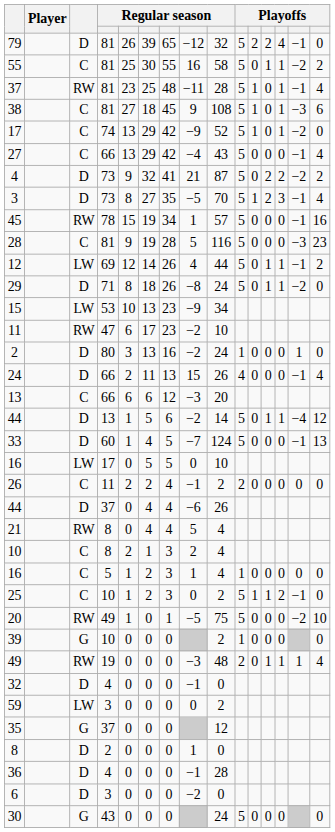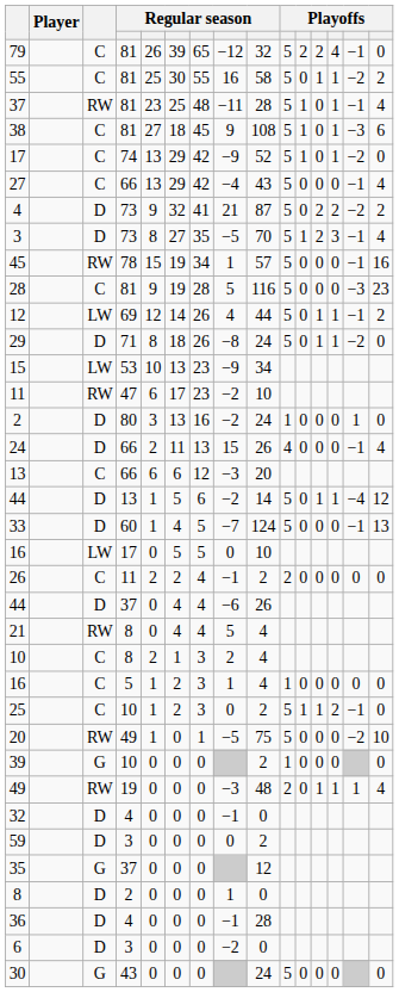 <table class="wikitable sortable plainrowheaders" style="text-align:center;">
 <tr>
 <th scope="col" data-sort-type="number" rowspan="2"></th>
 <th scope="col" rowspan="2">Player</th>
 <th scope="col" rowspan="2"></th>
 <th scope=colgroup colspan=6>Regular season</th>
 <th scope=colgroup colspan=6>Playoffs</th>
 </tr>
 <tr>
 <th scope="col" data-sort-type="number"></th>
 <th scope="col" data-sort-type="number"></th>
 <th scope="col" data-sort-type="number"></th>
 <th scope="col" data-sort-type="number"></th>
 <th scope="col" data-sort-type="number"></th>
 <th scope="col" data-sort-type="number"></th>
 <th scope="col" data-sort-type="number"></th>
 <th scope="col" data-sort-type="number"></th>
 <th scope="col" data-sort-type="number"></th>
 <th scope="col" data-sort-type="number"></th>
 <th scope="col" data-sort-type="number"></th>
 <th scope="col" data-sort-type="number"></th>
 </tr>
 <tr>
 <td scope="row">79</td>
 <td align="left"></td>
-<td>D</td>
+<td>C</td>
 <td>81</td>
 <td>26</td>
 <td>39</td>
 <td>65</td>
 <td>−12</td>
 <td>32</td>
 <td>5</td>
 <td>2</td>
 <td>2</td>
 <td>4</td>
 <td>−1</td>
 <td>0</td>
 </tr>
 <tr>
 <td scope="row">55</td>
 <td align="left"></td>
 <td>C</td>
 <td>81</td>
 <td>25</td>
 <td>30</td>
 <td>55</td>
 <td>16</td>
 <td>58</td>
 <td>5</td>
 <td>0</td>
 <td>1</td>
 <td>1</td>
 <td>−2</td>
 <td>2</td>
 </tr>
 <tr>
 <td scope="row">37</td>
 <td align="left"></td>
 <td>RW</td>
 <td>81</td>
 <td>23</td>
 <td>25</td>
 <td>48</td>
 <td>−11</td>
 <td>28</td>
 <td>5</td>
 <td>1</td>
 <td>0</td>
 <td>1</td>
 <td>−1</td>
 <td>4</td>
 </tr>
 <tr>
 <td scope="row">38</td>
 <td align="left"></td>
 <td>C</td>
 <td>81</td>
 <td>27</td>
 <td>18</td>
 <td>45</td>
 <td>9</td>
 <td>108</td>
 <td>5</td>
 <td>1</td>
 <td>0</td>
 <td>1</td>
 <td>−3</td>
 <td>6</td>
 </tr>
 <tr>
 <td scope="row">17</td>
 <td align="left"></td>
 <td>C</td>
 <td>74</td>
 <td>13</td>
 <td>29</td>
 <td>42</td>
 <td>−9</td>
 <td>52</td>
 <td>5</td>
 <td>1</td>
 <td>0</td>
 <td>1</td>
 <td>−2</td>
 <td>0</td>
 </tr>
 <tr>
 <td scope="row">27</td>
 <td align="left"></td>
 <td>C</td>
 <td>66</td>
 <td>13</td>
 <td>29</td>
 <td>42</td>
 <td>−4</td>
 <td>43</td>
 <td>5</td>
 <td>0</td>
 <td>0</td>
 <td>0</td>
 <td>−1</td>
 <td>4</td>
 </tr>
 <tr>
 <td scope="row">4</td>
 <td align="left"></td>
 <td>D</td>
 <td>73</td>
 <td>9</td>
 <td>32</td>
 <td>41</td>
 <td>21</td>
 <td>87</td>
 <td>5</td>
 <td>0</td>
 <td>2</td>
 <td>2</td>
 <td>−2</td>
 <td>2</td>
 </tr>
 <tr>
 <td scope="row">3</td>
 <td align="left"></td>
 <td>D</td>
 <td>73</td>
 <td>8</td>
 <td>27</td>
 <td>35</td>
 <td>−5</td>
 <td>70</td>
 <td>5</td>
 <td>1</td>
 <td>2</td>
 <td>3</td>
 <td>−1</td>
 <td>4</td>
 </tr>
 <tr>
 <td scope="row">45</td>
 <td align="left"></td>
 <td>RW</td>
 <td>78</td>
 <td>15</td>
 <td>19</td>
 <td>34</td>
 <td>1</td>
 <td>57</td>
 <td>5</td>
 <td>0</td>
 <td>0</td>
 <td>0</td>
 <td>−1</td>
 <td>16</td>
 </tr>
 <tr>
 <td scope="row">28</td>
 <td align="left"></td>
 <td>C</td>
 <td>81</td>
 <td>9</td>
 <td>19</td>
 <td>28</td>
 <td>5</td>
 <td>116</td>
 <td>5</td>
 <td>0</td>
 <td>0</td>
 <td>0</td>
 <td>−3</td>
 <td>23</td>
 </tr>
 <tr>
 <td scope="row">12</td>
 <td align="left"></td>
 <td>LW</td>
 <td>69</td>
 <td>12</td>
 <td>14</td>
 <td>26</td>
 <td>4</td>
 <td>44</td>
 <td>5</td>
 <td>0</td>
 <td>1</td>
 <td>1</td>
 <td>−1</td>
 <td>2</td>
 </tr>
 <tr>
 <td scope="row">29</td>
 <td align="left"></td>
 <td>D</td>
 <td>71</td>
 <td>8</td>
 <td>18</td>
 <td>26</td>
 <td>−8</td>
 <td>24</td>
 <td>5</td>
 <td>0</td>
 <td>1</td>
 <td>1</td>
 <td>−2</td>
 <td>0</td>
 </tr>
 <tr>
 <td scope="row">15</td>
 <td align="left"></td>
 <td>LW</td>
 <td>53</td>
 <td>10</td>
 <td>13</td>
 <td>23</td>
 <td>−9</td>
 <td>34</td>
 <td></td>
 <td></td>
 <td></td>
 <td></td>
 <td></td>
 <td></td>
 </tr>
 <tr>
 <td scope="row">11</td>
 <td align="left"></td>
 <td>RW</td>
 <td>47</td>
 <td>6</td>
 <td>17</td>
 <td>23</td>
 <td>−2</td>
 <td>10</td>
 <td></td>
 <td></td>
 <td></td>
 <td></td>
 <td></td>
 <td></td>
 </tr>
 <tr>
 <td scope="row">2</td>
 <td align="left"></td>
 <td>D</td>
 <td>80</td>
 <td>3</td>
 <td>13</td>
 <td>16</td>
 <td>−2</td>
 <td>24</td>
 <td>1</td>
 <td>0</td>
 <td>0</td>
 <td>0</td>
 <td>1</td>
 <td>0</td>
 </tr>
 <tr>
 <td scope="row">24</td>
 <td align="left"></td>
 <td>D</td>
 <td>66</td>
 <td>2</td>
 <td>11</td>
 <td>13</td>
 <td>15</td>
 <td>26</td>
 <td>4</td>
 <td>0</td>
 <td>0</td>
 <td>0</td>
 <td>−1</td>
 <td>4</td>
 </tr>
 <tr>
 <td scope="row">13</td>
 <td align="left"></td>
 <td>C</td>
 <td>66</td>
 <td>6</td>
 <td>6</td>
 <td>12</td>
 <td>−3</td>
 <td>20</td>
 <td></td>
 <td></td>
 <td></td>
 <td></td>
 <td></td>
 <td></td>
 </tr>
 <tr>
 <td scope="row">44</td>
 <td align="left"></td>
 <td>D</td>
 <td>13</td>
 <td>1</td>
 <td>5</td>
 <td>6</td>
 <td>−2</td>
 <td>14</td>
 <td>5</td>
 <td>0</td>
 <td>1</td>
 <td>1</td>
 <td>−4</td>
 <td>12</td>
 </tr>
 <tr>
 <td scope="row">33</td>
 <td align="left"></td>
 <td>D</td>
 <td>60</td>
 <td>1</td>
 <td>4</td>
 <td>5</td>
 <td>−7</td>
 <td>124</td>
 <td>5</td>
 <td>0</td>
 <td>0</td>
 <td>0</td>
 <td>−1</td>
 <td>13</td>
 </tr>
 <tr>
 <td scope="row">16</td>
 <td align="left"></td>
 <td>LW</td>
 <td>17</td>
 <td>0</td>
 <td>5</td>
 <td>5</td>
 <td>0</td>
 <td>10</td>
 <td></td>
 <td></td>
 <td></td>
 <td></td>
 <td></td>
 <td></td>
 </tr>
 <tr>
 <td scope="row">26</td>
 <td align="left"></td>
 <td>C</td>
 <td>11</td>
 <td>2</td>
 <td>2</td>
 <td>4</td>
 <td>−1</td>
 <td>2</td>
 <td>2</td>
 <td>0</td>
 <td>0</td>
 <td>0</td>
 <td>0</td>
 <td>0</td>
 </tr>
 <tr>
 <td scope="row">44</td>
 <td align="left"></td>
 <td>D</td>
 <td>37</td>
 <td>0</td>
 <td>4</td>
 <td>4</td>
 <td>−6</td>
 <td>26</td>
 <td></td>
 <td></td>
 <td></td>
 <td></td>
 <td></td>
 <td></td>
 </tr>
 <tr>
 <td scope="row">21</td>
 <td align="left"></td>
 <td>RW</td>
 <td>8</td>
 <td>0</td>
 <td>4</td>
 <td>4</td>
 <td>5</td>
 <td>4</td>
 <td></td>
 <td></td>
 <td></td>
 <td></td>
 <td></td>
 <td></td>
 </tr>
 <tr>
 <td scope="row">10</td>
 <td align="left"></td>
 <td>C</td>
 <td>8</td>
 <td>2</td>
 <td>1</td>
 <td>3</td>
 <td>2</td>
 <td>4</td>
 <td></td>
 <td></td>
 <td></td>
 <td></td>
 <td></td>
 <td></td>
 </tr>
 <tr>
 <td scope="row">16</td>
 <td align="left"></td>
 <td>C</td>
 <td>5</td>
 <td>1</td>
 <td>2</td>
 <td>3</td>
 <td>1</td>
 <td>4</td>
 <td>1</td>
 <td>0</td>
 <td>0</td>
 <td>0</td>
 <td>0</td>
 <td>0</td>
 </tr>
 <tr>
 <td scope="row">25</td>
 <td align="left"></td>
 <td>C</td>
 <td>10</td>
 <td>1</td>
 <td>2</td>
 <td>3</td>
 <td>0</td>
 <td>2</td>
 <td>5</td>
 <td>1</td>
 <td>1</td>
 <td>2</td>
 <td>−1</td>
 <td>0</td>
 </tr>
 <tr>
 <td scope="row">20</td>
 <td align="left"></td>
 <td>RW</td>
 <td>49</td>
 <td>1</td>
 <td>0</td>
 <td>1</td>
 <td>−5</td>
 <td>75</td>
 <td>5</td>
 <td>0</td>
 <td>0</td>
 <td>0</td>
 <td>−2</td>
 <td>10</td>
 </tr>
 <tr>
 <td scope="row">39</td>
 <td align="left"></td>
 <td>G</td>
 <td>10</td>
 <td>0</td>
 <td>0</td>
 <td>0</td>
 <td style="background:#ccc"></td>
 <td>2</td>
 <td>1</td>
 <td>0</td>
 <td>0</td>
 <td>0</td>
 <td style="background:#ccc"></td>
 <td>0</td>
 </tr>
 <tr>
 <td scope="row">49</td>
 <td align="left"></td>
 <td>RW</td>
 <td>19</td>
 <td>0</td>
 <td>0</td>
 <td>0</td>
 <td>−3</td>
 <td>48</td>
 <td>2</td>
 <td>0</td>
 <td>1</td>
 <td>1</td>
 <td>1</td>
 <td>4</td>
 </tr>
 <tr>
 <td scope="row">32</td>
 <td align="left"></td>
 <td>D</td>
 <td>4</td>
 <td>0</td>
 <td>0</td>
 <td>0</td>
 <td>−1</td>
 <td>0</td>
 <td></td>
 <td></td>
 <td></td>
 <td></td>
 <td></td>
 <td></td>
 </tr>
 <tr>
 <td scope="row">59</td>
 <td align="left"></td>
-<td>LW</td>
+<td>D</td>
 <td>3</td>
 <td>0</td>
 <td>0</td>
 <td>0</td>
 <td>0</td>
 <td>2</td>
 <td></td>
 <td></td>
 <td></td>
 <td></td>
 <td></td>
 <td></td>
 </tr>
 <tr>
 <td scope="row">35</td>
 <td align="left"></td>
 <td>G</td>
 <td>37</td>
 <td>0</td>
 <td>0</td>
 <td>0</td>
 <td style="background:#ccc"></td>
 <td>12</td>
 <td></td>
 <td></td>
 <td></td>
 <td></td>
 <td></td>
 <td></td>
 </tr>
 <tr>
 <td scope="row">8</td>
 <td align="left"></td>
 <td>D</td>
 <td>2</td>
 <td>0</td>
 <td>0</td>
 <td>0</td>
 <td>1</td>
 <td>0</td>
 <td></td>
 <td></td>
 <td></td>
 <td></td>
 <td></td>
 <td></td>
 </tr>
 <tr>
 <td scope="row">36</td>
 <td align="left"></td>
 <td>D</td>
 <td>4</td>
 <td>0</td>
 <td>0</td>
 <td>0</td>
 <td>−1</td>
 <td>28</td>
 <td></td>
 <td></td>
 <td></td>
 <td></td>
 <td></td>
 <td></td>
 </tr>
 <tr>
 <td scope="row">6</td>
 <td align="left"></td>
 <td>D</td>
 <td>3</td>
 <td>0</td>
 <td>0</td>
 <td>0</td>
 <td>−2</td>
 <td>0</td>
 <td></td>
 <td></td>
 <td></td>
 <td></td>
 <td></td>
 <td></td>
 </tr>
 <tr>
 <td scope="row">30</td>
 <td align="left"></td>
 <td>G</td>
 <td>43</td>
 <td>0</td>
 <td>0</td>
 <td>0</td>
 <td style="background:#ccc"></td>
 <td>24</td>
 <td>5</td>
 <td>0</td>
 <td>0</td>
 <td>0</td>
 <td style="background:#ccc"></td>
 <td>0</td>
 </tr>
 </table>
